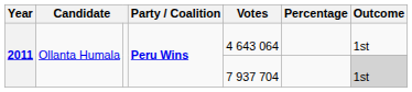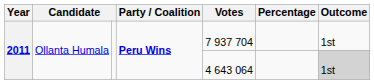 <table class="wikitable">
 <tr>
 <th>Year</th>
 <th colspan="2">Candidate</th>
 <th>Party / Coalition</th>
 <th>Votes</th>
 <th>Percentage</th>
 <th>Outcome</th>
 </tr>
 <tr>
 <th rowspan="2"><a href='#'>2011</a></th>
 <td rowspan="2"><a href='#'>Ollanta Humala</a></td>
 <td rowspan="2"></td>
 <td rowspan="2"><strong><a href='#'>Peru Wins</a></strong><br></td>
-<td><br>4 643 064</td>
+<td><br>7 937 704</td>
 <td></td>
 <td><br>1st</td>
 </tr>
 <tr>
-<td><br>7 937 704</td>
+<td><br>4 643 064</td>
 <td></td>
 <td style="background: lightgrey;"><br>1st</td>
 </tr>
 </table>
